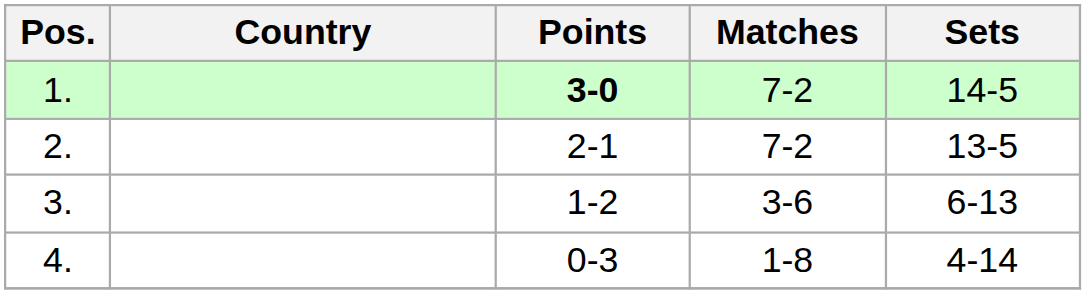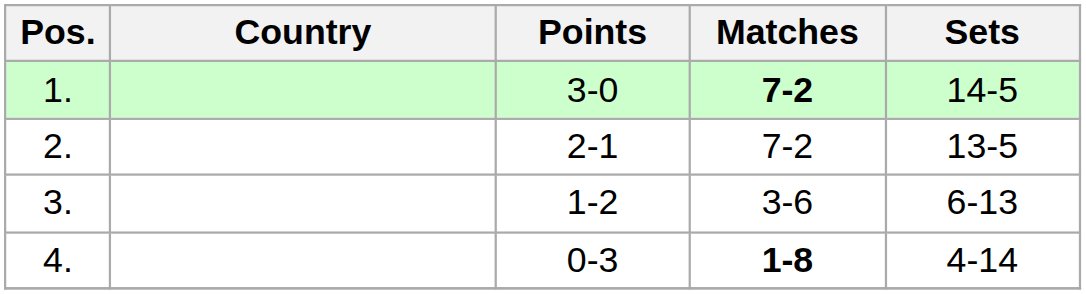 <table class="wikitable" style="text-align:center;">
 <tr>
 <th width=40>Pos.</th>
 <th width=165>Country</th>
 <th width=80>Points</th>
 <th width=80>Matches</th>
 <th width=80>Sets</th>
 </tr>
 <tr style="background:#ccffcc;">
 <td>1.</td>
 <td style="text-align:left;"></td>
-<td><strong>3-0</strong></td>
-<td>7-2</td>
+<td>3-0</td>
+<td><strong>7-2</strong></td>
 <td>14-5</td>
 </tr>
 <tr style="background:#ffffff;">
 <td>2.</td>
 <td style="text-align:left;"></td>
 <td>2-1</td>
 <td>7-2</td>
 <td>13-5</td>
 </tr>
 <tr style="background:#ffffff;">
 <td>3.</td>
 <td style="text-align:left;"></td>
 <td>1-2</td>
 <td>3-6</td>
 <td>6-13</td>
 </tr>
 <tr style="background:#ffffff;">
 <td>4.</td>
 <td style="text-align:left;"></td>
 <td>0-3</td>
-<td>1-8</td>
+<td><strong>1-8</strong></td>
 <td>4-14</td>
 </tr>
 <tr style="background:#ffffff;">
 </tr>
 </table>
